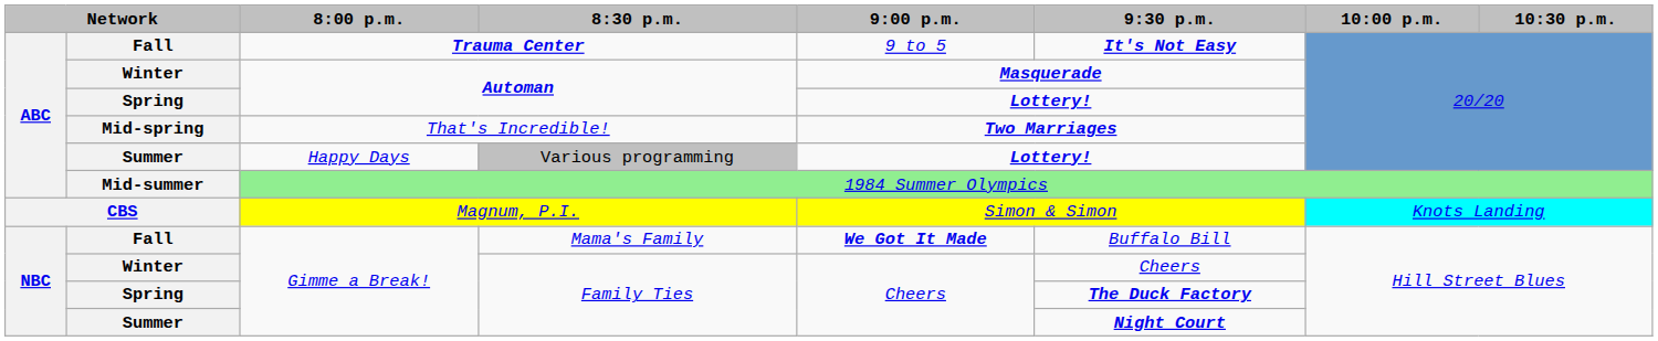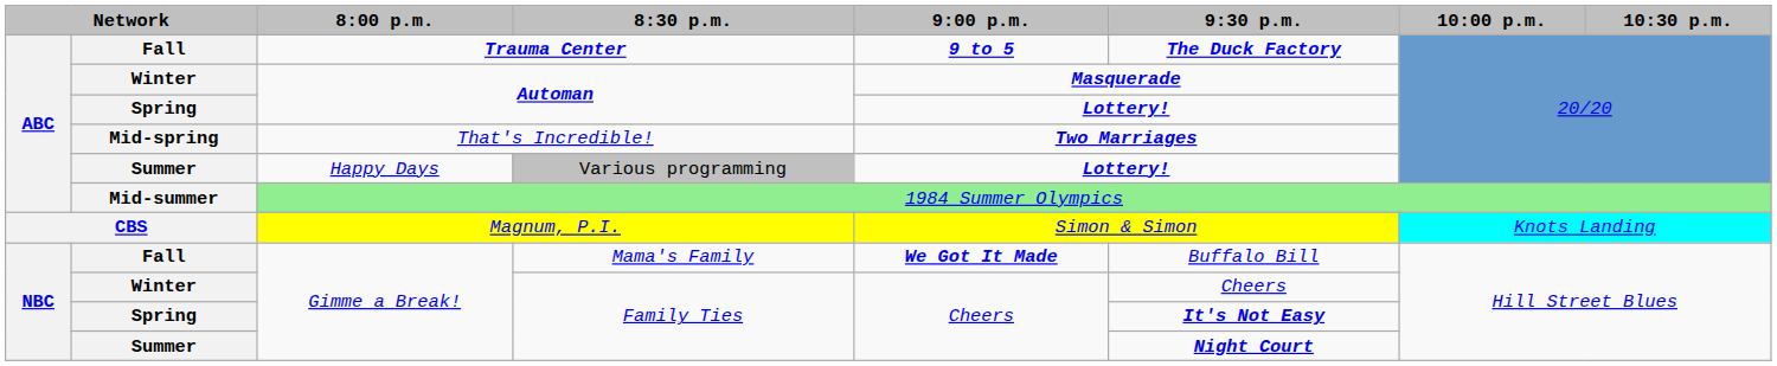 <table class="wikitable" style="width:100%;margin-right:0;text-align:center">
 <tr>
 <th colspan="2" style="background-color:#C0C0C0;text-align:center">Network</th>
 <th style="background-color:#C0C0C0;text-align:center">8:00 p.m.</th>
 <th style="background-color:#C0C0C0;text-align:center">8:30 p.m.</th>
 <th style="background-color:#C0C0C0;text-align:center">9:00 p.m.</th>
 <th style="background-color:#C0C0C0;text-align:center">9:30 p.m.</th>
 <th style="background-color:#C0C0C0;text-align:center">10:00 p.m.</th>
 <th style="background-color:#C0C0C0;text-align:center">10:30 p.m.</th>
 </tr>
 <tr>
 <th rowspan="6"><a href='#'>ABC</a></th>
 <th>Fall</th>
 <td colspan="2"><strong><em><a href='#'>Trauma Center</a></em></strong></td>
-<td><em><a href='#'>9 to 5</a></em></td>
-<td><strong><em><a href='#'>It's Not Easy</a></em></strong></td>
+<td><strong><em><a href='#'>9 to 5</a></em></strong></td>
+<td><strong><em><a href='#'>The Duck Factory</a></em></strong></td>
 <td style="background:#6699CC;" colspan="2" rowspan="5"><em><a href='#'>20/20</a></em></td>
 </tr>
 <tr>
 <th>Winter</th>
 <td colspan="2" rowspan="2"><strong><em><a href='#'>Automan</a></em></strong></td>
 <td colspan="2"><strong><em><a href='#'>Masquerade</a></em></strong></td>
 </tr>
 <tr>
 <th>Spring</th>
 <td colspan="2"><strong><em><a href='#'>Lottery!</a></em></strong></td>
 </tr>
 <tr>
 <th>Mid-spring</th>
 <td colspan="2"><em><a href='#'>That's Incredible!</a></em></td>
 <td colspan="2"><strong><em><a href='#'>Two Marriages</a></em></strong></td>
 </tr>
 <tr>
 <th>Summer</th>
 <td><em><a href='#'>Happy Days</a></em></td>
 <td style="background:#C0C0C0;">Various programming</td>
 <td colspan="2"><strong><em><a href='#'>Lottery!</a></em></strong></td>
 </tr>
 <tr>
 <th>Mid-summer</th>
 <td style="background:lightgreen;" colspan="6"><em><a href='#'>1984 Summer Olympics</a></em></td>
 </tr>
 <tr>
 <th colspan="2"><a href='#'>CBS</a></th>
 <td colspan="2" style="background:#FFFF00;"><em><a href='#'>Magnum, P.I.</a></em> </td>
 <td colspan="2" style="background:#FFFF00;"><em><a href='#'>Simon & Simon</a></em> </td>
 <td colspan="2" style="background:#00FFFF;"><em><a href='#'>Knots Landing</a></em> </td>
 </tr>
 <tr>
 <th rowspan="4"><a href='#'>NBC</a></th>
 <th>Fall</th>
 <td rowspan="4"><em><a href='#'>Gimme a Break!</a></em></td>
 <td><em><a href='#'>Mama's Family</a></em></td>
 <td><strong><em><a href='#'>We Got It Made</a></em></strong></td>
 <td><em><a href='#'>Buffalo Bill</a></em></td>
 <td colspan="2" rowspan="4"><em><a href='#'>Hill Street Blues</a></em></td>
 </tr>
 <tr>
 <th>Winter</th>
 <td rowspan="3"><em><a href='#'>Family Ties</a></em></td>
 <td rowspan="3"><em><a href='#'>Cheers</a></em></td>
 <td><em><a href='#'>Cheers</a></em></td>
 </tr>
 <tr>
 <th>Spring</th>
-<td><strong><em><a href='#'>The Duck Factory</a></em></strong></td>
+<td><strong><em><a href='#'>It's Not Easy</a></em></strong></td>
 </tr>
 <tr>
 <th>Summer</th>
 <td><strong><em><a href='#'>Night Court</a></em></strong></td>
 </tr>
 </table>
